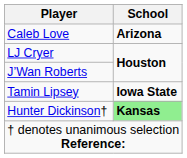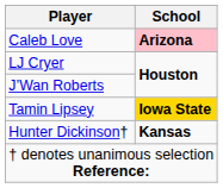 <table class="wikitable" style="white-space:nowrap; font-size:90%;">
 <tr>
 <th>Player</th>
 <th>School</th>
 </tr>
 <tr ,>
 <td><a href='#'>Caleb Love</a></td>
-<td><strong>Arizona</strong></td>
+<td style="background: pink;"><strong>Arizona</strong></td>
 </tr>
 <tr>
 <td><a href='#'>LJ Cryer</a></td>
 <td rowspan=2><strong>Houston</strong></td>
 </tr>
 <tr>
 <td><a href='#'>J’Wan Roberts</a></td>
 </tr>
 <tr>
 <td><a href='#'>Tamin Lipsey</a></td>
-<td><strong>Iowa State</strong></td>
+<td style="background: gold;"><strong>Iowa State</strong></td>
 </tr>
 <tr>
 <td><a href='#'>Hunter Dickinson</a>†</td>
-<td style="background: lightgreen;"><strong>Kansas</strong></td>
+<td><strong>Kansas</strong></td>
 </tr>
 <tr>
 <td colspan="4"  style="font-size:11pt; text-align:center;">† denotes unanimous selection<br><strong>Reference:</strong></td>
 </tr>
 </table>
